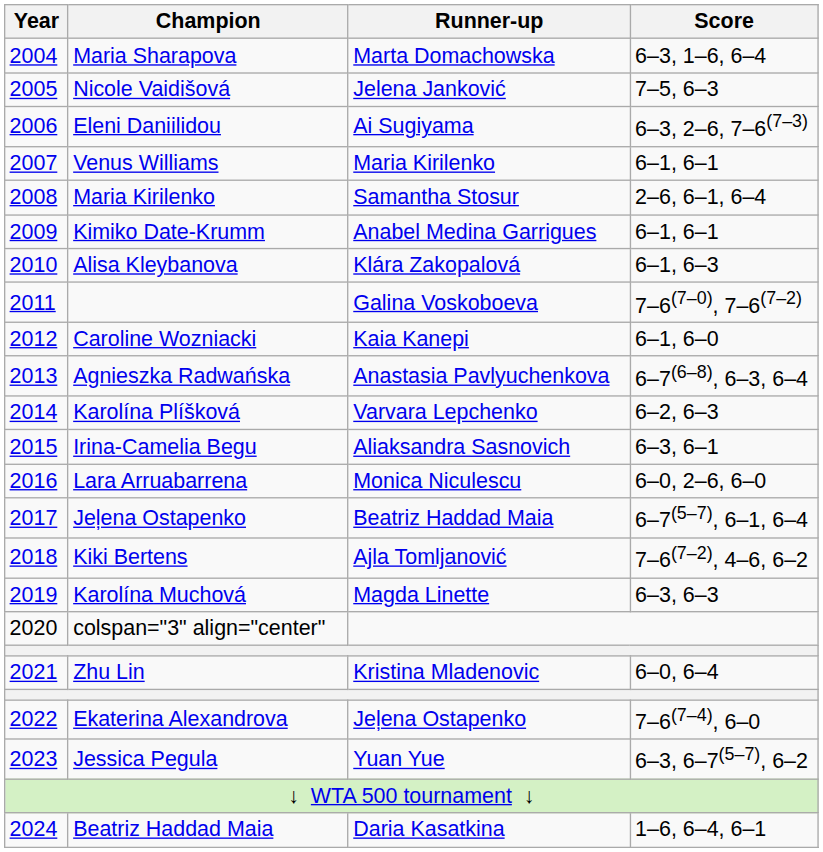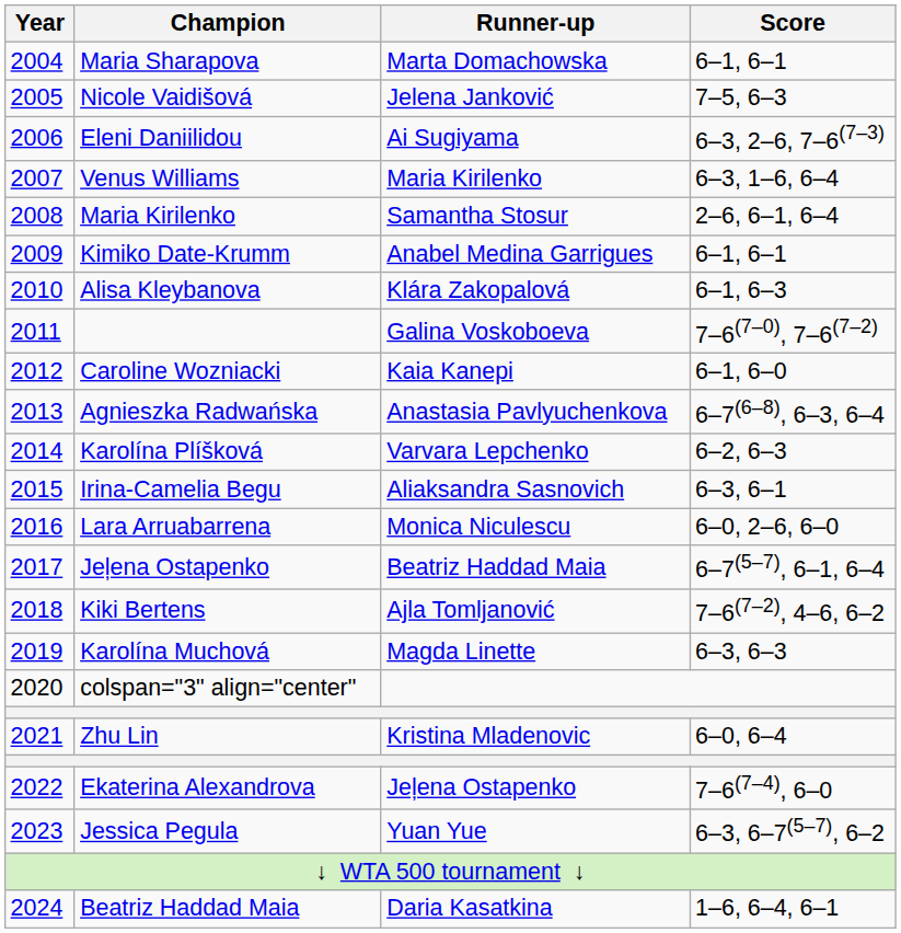 <table class="wikitable">
 <tr>
 <th style="width:40px">Year</th>
 <th style="width:210px">Champion</th>
 <th style="width:210px">Runner-up</th>
 <th style="width:140px" class="unsortable">Score</th>
 </tr>
 <tr>
 <td><a href='#'>2004</a> </td>
 <td> <a href='#'>Maria Sharapova</a></td>
 <td> <a href='#'>Marta Domachowska</a></td>
-<td>6–3, 1–6, 6–4</td>
+<td>6–1, 6–1</td>
 </tr>
 <tr>
 <td><a href='#'>2005</a></td>
 <td> <a href='#'>Nicole Vaidišová</a></td>
 <td> <a href='#'>Jelena Janković</a></td>
 <td>7–5, 6–3 </td>
 </tr>
 <tr>
 <td><a href='#'>2006</a> </td>
 <td> <a href='#'>Eleni Daniilidou</a></td>
 <td> <a href='#'>Ai Sugiyama</a></td>
 <td>6–3, 2–6, 7–6<sup>(7–3)</sup></td>
 </tr>
 <tr>
 <td><a href='#'>2007</a></td>
 <td> <a href='#'>Venus Williams</a>  </td>
 <td> <a href='#'>Maria Kirilenko</a>  </td>
-<td>6–1, 6–1</td>
+<td>6–3, 1–6, 6–4</td>
 </tr>
 <tr>
 <td><a href='#'>2008</a></td>
 <td> <a href='#'>Maria Kirilenko</a></td>
 <td> <a href='#'>Samantha Stosur</a></td>
 <td>2–6, 6–1, 6–4</td>
 </tr>
 <tr>
 <td><a href='#'>2009</a></td>
 <td> <a href='#'>Kimiko Date-Krumm</a></td>
 <td> <a href='#'>Anabel Medina Garrigues</a></td>
 <td>6–1, 6–1</td>
 </tr>
 <tr>
 <td><a href='#'>2010</a></td>
 <td> <a href='#'>Alisa Kleybanova</a></td>
 <td> <a href='#'>Klára Zakopalová</a></td>
 <td>6–1, 6–3</td>
 </tr>
 <tr>
 <td><a href='#'>2011</a></td>
 <td></td>
 <td> <a href='#'>Galina Voskoboeva</a></td>
 <td>7–6<sup>(7–0)</sup>, 7–6<sup>(7–2)</sup></td>
 </tr>
 <tr>
 <td><a href='#'>2012</a></td>
 <td> <a href='#'>Caroline Wozniacki</a></td>
 <td> <a href='#'>Kaia Kanepi</a></td>
 <td>6–1, 6–0</td>
 </tr>
 <tr>
 <td><a href='#'>2013</a></td>
 <td> <a href='#'>Agnieszka Radwańska</a></td>
 <td> <a href='#'>Anastasia Pavlyuchenkova</a></td>
 <td>6–7<sup>(6–8)</sup>, 6–3, 6–4</td>
 </tr>
 <tr>
 <td><a href='#'>2014</a></td>
 <td> <a href='#'>Karolína Plíšková</a></td>
 <td> <a href='#'>Varvara Lepchenko</a></td>
 <td>6–2, 6–3</td>
 </tr>
 <tr>
 <td><a href='#'>2015</a></td>
 <td> <a href='#'>Irina-Camelia Begu</a></td>
 <td> <a href='#'>Aliaksandra Sasnovich</a></td>
 <td>6–3, 6–1</td>
 </tr>
 <tr>
 <td><a href='#'>2016</a></td>
 <td> <a href='#'>Lara Arruabarrena</a></td>
 <td> <a href='#'>Monica Niculescu</a></td>
 <td>6–0, 2–6, 6–0</td>
 </tr>
 <tr>
 <td><a href='#'>2017</a></td>
 <td> <a href='#'>Jeļena Ostapenko</a></td>
 <td> <a href='#'>Beatriz Haddad Maia</a></td>
 <td>6–7<sup>(5–7)</sup>, 6–1, 6–4</td>
 </tr>
 <tr>
 <td><a href='#'>2018</a></td>
 <td> <a href='#'>Kiki Bertens</a></td>
 <td> <a href='#'>Ajla Tomljanović</a></td>
 <td>7–6<sup>(7–2)</sup>, 4–6, 6–2</td>
 </tr>
 <tr>
 <td><a href='#'>2019</a></td>
 <td> <a href='#'>Karolína Muchová</a></td>
 <td> <a href='#'>Magda Linette</a></td>
 <td>6–3, 6–3</td>
 </tr>
 <tr>
 <td>2020</td>
 <td>colspan="3" align="center" </td>
 </tr>
 <tr>
 <th colspan="4" bgcolor=silver></th>
 </tr>
 <tr>
 <td><a href='#'>2021</a></td>
 <td> <a href='#'>Zhu Lin</a></td>
 <td> <a href='#'>Kristina Mladenovic</a></td>
 <td>6–0, 6–4</td>
 </tr>
 <tr>
 <th colspan="4"></th>
 </tr>
 <tr>
 <td><a href='#'>2022</a></td>
 <td> <a href='#'>Ekaterina Alexandrova</a></td>
 <td> <a href='#'>Jeļena Ostapenko</a></td>
 <td>7–6<sup>(7–4)</sup>, 6–0</td>
 </tr>
 <tr>
 <td><a href='#'>2023</a></td>
 <td> <a href='#'>Jessica Pegula</a></td>
 <td> <a href='#'>Yuan Yue</a></td>
 <td>6–3, 6–7<sup>(5–7)</sup>, 6–2</td>
 </tr>
 <tr>
 <td colspan="4" align="center" bgcolor=#d4f1c5>↓  <a href='#'>WTA 500 tournament</a>  ↓</td>
 </tr>
 <tr>
 <td><a href='#'>2024</a></td>
 <td> <a href='#'>Beatriz Haddad Maia</a></td>
 <td> <a href='#'>Daria Kasatkina</a></td>
 <td>1–6, 6–4, 6–1</td>
 </tr>
 <tr>
 </tr>
 </table>
